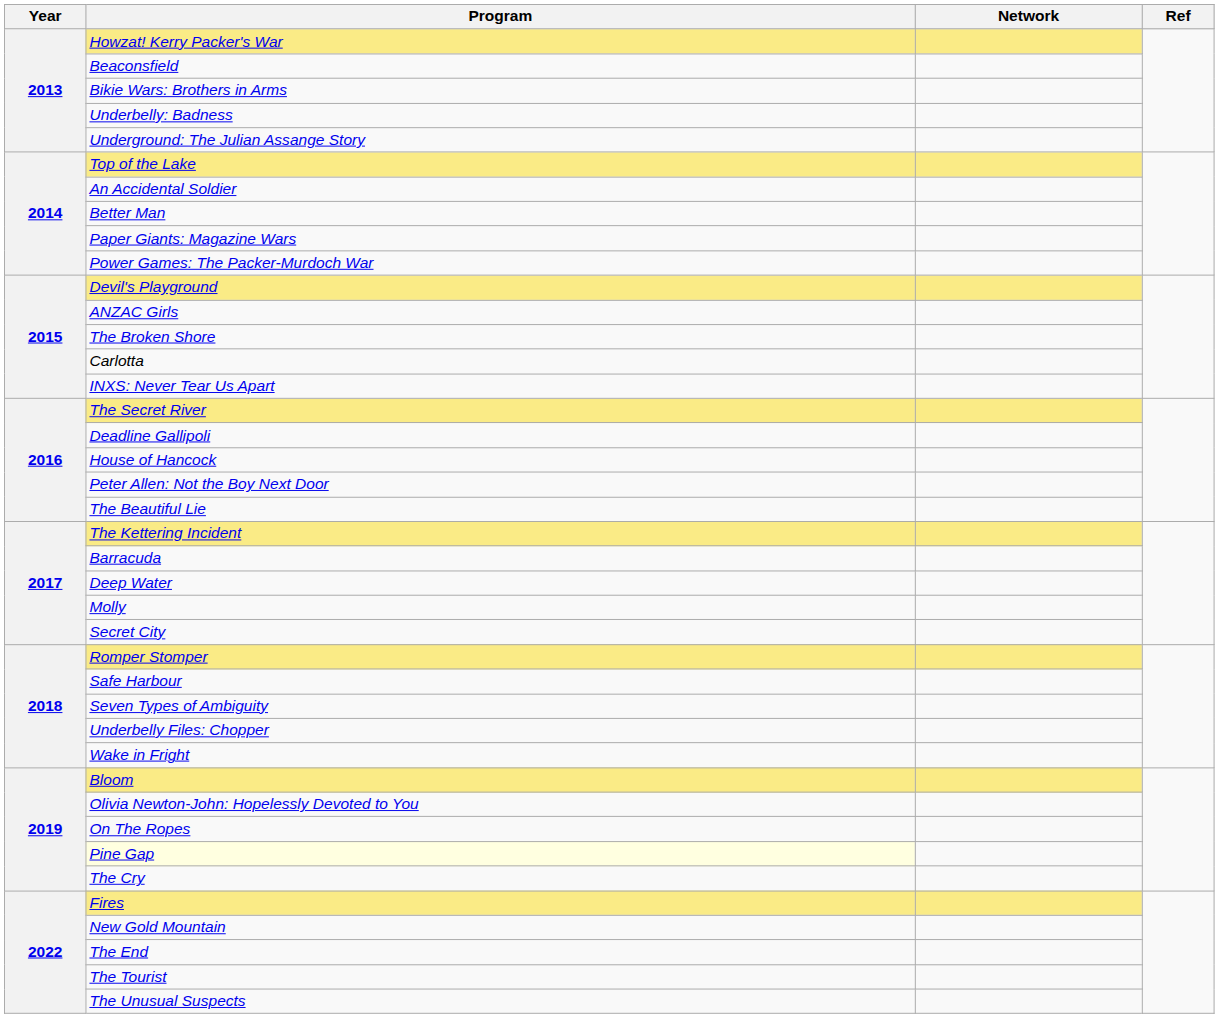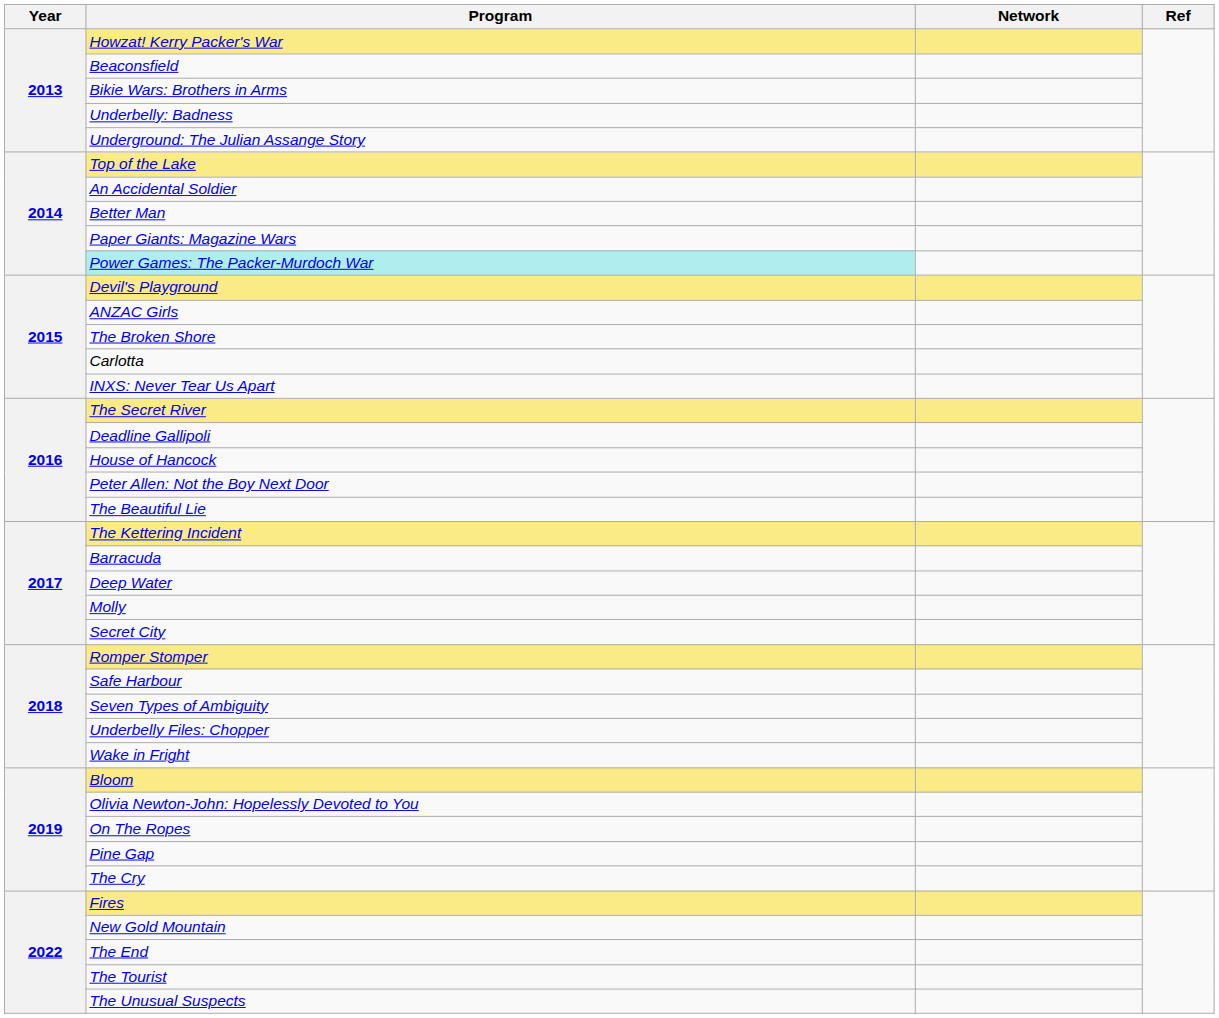 <table class="wikitable sortable">
 <tr style="background:#bebebe;">
 <th scope="col" style="width:1%;">Year</th>
 <th scope="col" style="width:16%;">Program</th>
 <th scope="col" style="width:4%;">Network</th>
 <th scope="col" style="width:1%;" class="unsortable">Ref</th>
 </tr>
 <tr>
 <th scope="row" rowspan="5" style="text-align:center"><a href='#'>2013</a></th>
 <td style="background:#FAEB86"><em><a href='#'>Howzat! Kerry Packer's War</a></em></td>
 <td style="background:#FAEB86"></td>
 <td rowspan="5"></td>
 </tr>
 <tr>
 <td><em><a href='#'>Beaconsfield</a></em></td>
 <td></td>
 </tr>
 <tr>
 <td><em><a href='#'>Bikie Wars: Brothers in Arms</a></em></td>
 <td></td>
 </tr>
 <tr>
 <td><em><a href='#'>Underbelly: Badness</a></em></td>
 <td></td>
 </tr>
 <tr>
 <td><em><a href='#'>Underground: The Julian Assange Story</a></em></td>
 <td></td>
 </tr>
 <tr>
 <th scope="row" rowspan="5" style="text-align:center"><a href='#'>2014</a></th>
 <td style="background:#FAEB86"><em><a href='#'>Top of the Lake</a></em></td>
 <td style="background:#FAEB86"></td>
 <td rowspan="5"></td>
 </tr>
 <tr>
 <td><em><a href='#'>An Accidental Soldier</a></em></td>
 <td></td>
 </tr>
 <tr>
 <td><em><a href='#'>Better Man</a></em></td>
 <td></td>
 </tr>
 <tr>
 <td><em><a href='#'>Paper Giants: Magazine Wars</a></em></td>
 <td></td>
 </tr>
 <tr>
-<td><em><a href='#'>Power Games: The Packer-Murdoch War</a></em></td>
+<td style="background: paleturquoise;"><em><a href='#'>Power Games: The Packer-Murdoch War</a></em></td>
 <td></td>
 </tr>
 <tr>
 <th scope="row" rowspan="5" style="text-align:center"><a href='#'>2015</a></th>
 <td style="background:#FAEB86"><em><a href='#'>Devil's Playground</a></em></td>
 <td style="background:#FAEB86"></td>
 <td rowspan="5"></td>
 </tr>
 <tr>
 <td><em><a href='#'>ANZAC Girls</a></em></td>
 <td></td>
 </tr>
 <tr>
 <td><em><a href='#'>The Broken Shore</a></em></td>
 <td></td>
 </tr>
 <tr>
 <td><em>Carlotta</em></td>
 <td></td>
 </tr>
 <tr>
 <td><em><a href='#'>INXS: Never Tear Us Apart</a></em></td>
 <td></td>
 </tr>
 <tr>
 <th scope="row" rowspan="5" style="text-align:center"><a href='#'>2016</a></th>
 <td style="background:#FAEB86"><em><a href='#'>The Secret River</a></em></td>
 <td style="background:#FAEB86"></td>
 <td rowspan="5"></td>
 </tr>
 <tr>
 <td><em><a href='#'>Deadline Gallipoli</a></em></td>
 <td></td>
 </tr>
 <tr>
 <td><em><a href='#'>House of Hancock</a></em></td>
 <td></td>
 </tr>
 <tr>
 <td><em><a href='#'>Peter Allen: Not the Boy Next Door</a></em></td>
 <td></td>
 </tr>
 <tr>
 <td><em><a href='#'>The Beautiful Lie</a></em></td>
 <td></td>
 </tr>
 <tr>
 <th scope="row" rowspan="5" style="text-align:center"><a href='#'>2017</a></th>
 <td style="background:#FAEB86"><em><a href='#'>The Kettering Incident</a></em></td>
 <td style="background:#FAEB86"></td>
 <td rowspan="5"></td>
 </tr>
 <tr>
 <td><em><a href='#'>Barracuda</a></em></td>
 <td></td>
 </tr>
 <tr>
 <td><em><a href='#'>Deep Water</a></em></td>
 <td></td>
 </tr>
 <tr>
 <td><em><a href='#'>Molly</a></em></td>
 <td></td>
 </tr>
 <tr>
 <td><em><a href='#'>Secret City</a></em></td>
 <td></td>
 </tr>
 <tr>
 <th scope="row" rowspan="5" style="text-align:center"><a href='#'>2018</a></th>
 <td style="background:#FAEB86"><em><a href='#'>Romper Stomper</a></em></td>
 <td style="background:#FAEB86"></td>
 <td rowspan="5"></td>
 </tr>
 <tr>
 <td><em><a href='#'>Safe Harbour</a></em></td>
 <td></td>
 </tr>
 <tr>
 <td><em><a href='#'>Seven Types of Ambiguity</a></em></td>
 <td></td>
 </tr>
 <tr>
 <td><em><a href='#'>Underbelly Files: Chopper</a></em></td>
 <td></td>
 </tr>
 <tr>
 <td><em><a href='#'>Wake in Fright</a></em></td>
 <td></td>
 </tr>
 <tr>
 <th scope="row" rowspan="5" style="text-align:center"><a href='#'>2019</a></th>
 <td style="background:#FAEB86"><em><a href='#'>Bloom</a></em></td>
 <td style="background:#FAEB86"></td>
 <td rowspan="5"></td>
 </tr>
 <tr>
 <td><em><a href='#'>Olivia Newton-John: Hopelessly Devoted to You</a></em></td>
 <td></td>
 </tr>
 <tr>
 <td><em><a href='#'>On The Ropes</a></em></td>
 <td></td>
 </tr>
 <tr>
-<td style="background: lightyellow;"><em><a href='#'>Pine Gap</a></em></td>
+<td><em><a href='#'>Pine Gap</a></em></td>
 <td></td>
 </tr>
 <tr>
 <td><em><a href='#'>The Cry</a></em></td>
 <td></td>
 </tr>
 <tr>
 <th scope="row" rowspan="5" style="text-align:center"><a href='#'>2022</a></th>
 <td style="background:#FAEB86"><em><a href='#'>Fires</a></em></td>
 <td style="background:#FAEB86"></td>
 <td rowspan="5"></td>
 </tr>
 <tr>
 <td><em><a href='#'>New Gold Mountain</a></em></td>
 <td></td>
 </tr>
 <tr>
 <td><em><a href='#'>The End</a></em></td>
 <td></td>
 </tr>
 <tr>
 <td><em><a href='#'>The Tourist</a></em></td>
 <td></td>
 </tr>
 <tr>
 <td><em><a href='#'>The Unusual Suspects</a></em></td>
 <td></td>
 </tr>
 </table>
